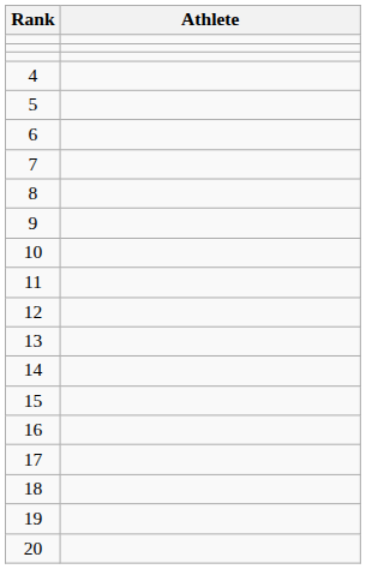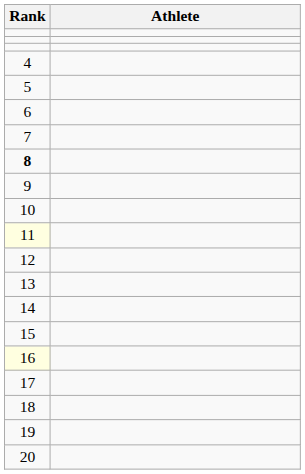 <table class="wikitable" style="text-align: center;">
 <tr>
 <th width=40>Rank</th>
 <th width=250>Athlete</th>
 </tr>
 <tr>
 <td></td>
 <td align="left"></td>
 </tr>
 <tr>
 <td></td>
 <td align="left"></td>
 </tr>
 <tr>
 <td></td>
 <td align="left"></td>
 </tr>
 <tr>
 <td>4</td>
 <td align="left"></td>
 </tr>
 <tr>
 <td>5</td>
 <td align="left"></td>
 </tr>
 <tr>
 <td>6</td>
 <td align="left"></td>
 </tr>
 <tr>
 <td>7</td>
 <td align="left"></td>
 </tr>
 <tr>
-<td>8</td>
+<td><strong>8</strong></td>
 <td align="left"></td>
 </tr>
 <tr>
 <td>9</td>
 <td align="left"></td>
 </tr>
 <tr>
 <td>10</td>
 <td align="left"></td>
 </tr>
 <tr>
-<td>11</td>
+<td style="background: lightyellow;">11</td>
 <td align="left"></td>
 </tr>
 <tr>
 <td>12</td>
 <td align="left"></td>
 </tr>
 <tr>
 <td>13</td>
 <td align="left"></td>
 </tr>
 <tr>
 <td>14</td>
 <td align="left"></td>
 </tr>
 <tr>
 <td>15</td>
 <td align="left"></td>
 </tr>
 <tr>
-<td>16</td>
+<td style="background: lightyellow;">16</td>
 <td align="left"></td>
 </tr>
 <tr>
 <td>17</td>
 <td align="left"></td>
 </tr>
 <tr>
 <td>18</td>
 <td align="left"></td>
 </tr>
 <tr>
 <td>19</td>
 <td align="left"></td>
 </tr>
 <tr>
 <td>20</td>
 <td align="left"></td>
 </tr>
 </table>
